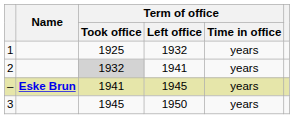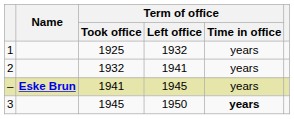 <table class="wikitable" style="text-align:center">
 <tr>
 <th rowspan=2></th>
 <th rowspan=2>Name<br></th>
 <th colspan=3>Term of office</th>
 <th rowspan=2></th>
 </tr>
 <tr>
 <th>Took office</th>
 <th>Left office</th>
 <th>Time in office</th>
 </tr>
 <tr>
 <td>1</td>
 <td><strong></strong><br></td>
 <td>1925</td>
 <td>1932</td>
 <td> years</td>
 <td></td>
 </tr>
 <tr>
 <td>2</td>
 <td><strong></strong><br></td>
-<td style="background: lightgrey;">1932</td>
+<td>1932</td>
 <td>1941</td>
 <td> years</td>
 <td></td>
 </tr>
 <tr style="background:#e6e6aa;">
 <td>–</td>
 <td><strong><a href='#'>Eske Brun</a></strong><br></td>
 <td>1941</td>
 <td>1945</td>
 <td> years</td>
 <td></td>
 </tr>
 <tr>
 <td>3</td>
 <td><strong></strong><br></td>
 <td>1945</td>
 <td>1950</td>
-<td> years</td>
+<td><strong> years</strong></td>
 <td></td>
 </tr>
 </table>
